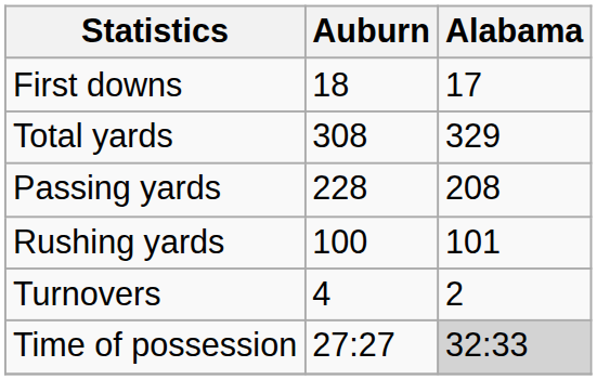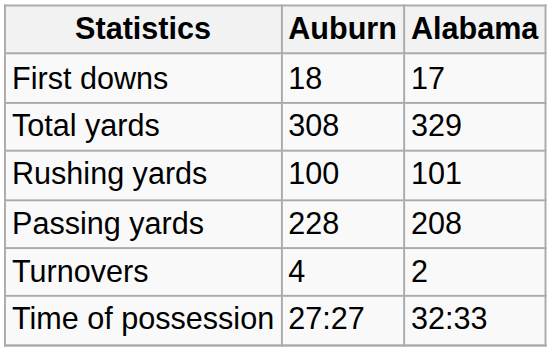 <table class="wikitable" style="float: left;">
 <tr>
 <th>Statistics</th>
 <th style=>Auburn</th>
 <th>Alabama</th>
 </tr>
 <tr>
 <td>First downs</td>
 <td>18</td>
 <td>17</td>
 </tr>
 <tr>
 <td>Total yards</td>
 <td>308</td>
 <td>329</td>
 </tr>
 <tr>
+<td>Rushing yards</td>
+<td>100</td>
+<td>101</td>
+</tr>
+<tr>
 <td>Passing yards</td>
 <td>228</td>
 <td>208</td>
-</tr>
-<tr>
-<td>Rushing yards</td>
-<td>100</td>
-<td>101</td>
 </tr>
 <tr>
 <td>Turnovers</td>
 <td>4</td>
 <td>2</td>
 </tr>
 <tr>
 <td>Time of possession</td>
 <td>27:27</td>
-<td style="background: lightgrey;">32:33</td>
+<td>32:33</td>
 </tr>
 <tr>
 </tr>
 </table>
